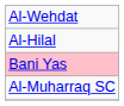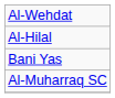 <table class="wikitable">
 <tr>
 <td> <a href='#'>Al-Wehdat</a></td>
 </tr>
 <tr>
 <td> <a href='#'>Al-Hilal</a></td>
 </tr>
 <tr>
-<td style="background: pink;"> <a href='#'>Bani Yas</a></td>
+<td> <a href='#'>Bani Yas</a></td>
 </tr>
 <tr>
 <td> <a href='#'>Al-Muharraq SC</a></td>
 </tr>
 <tr>
 </tr>
 </table>
